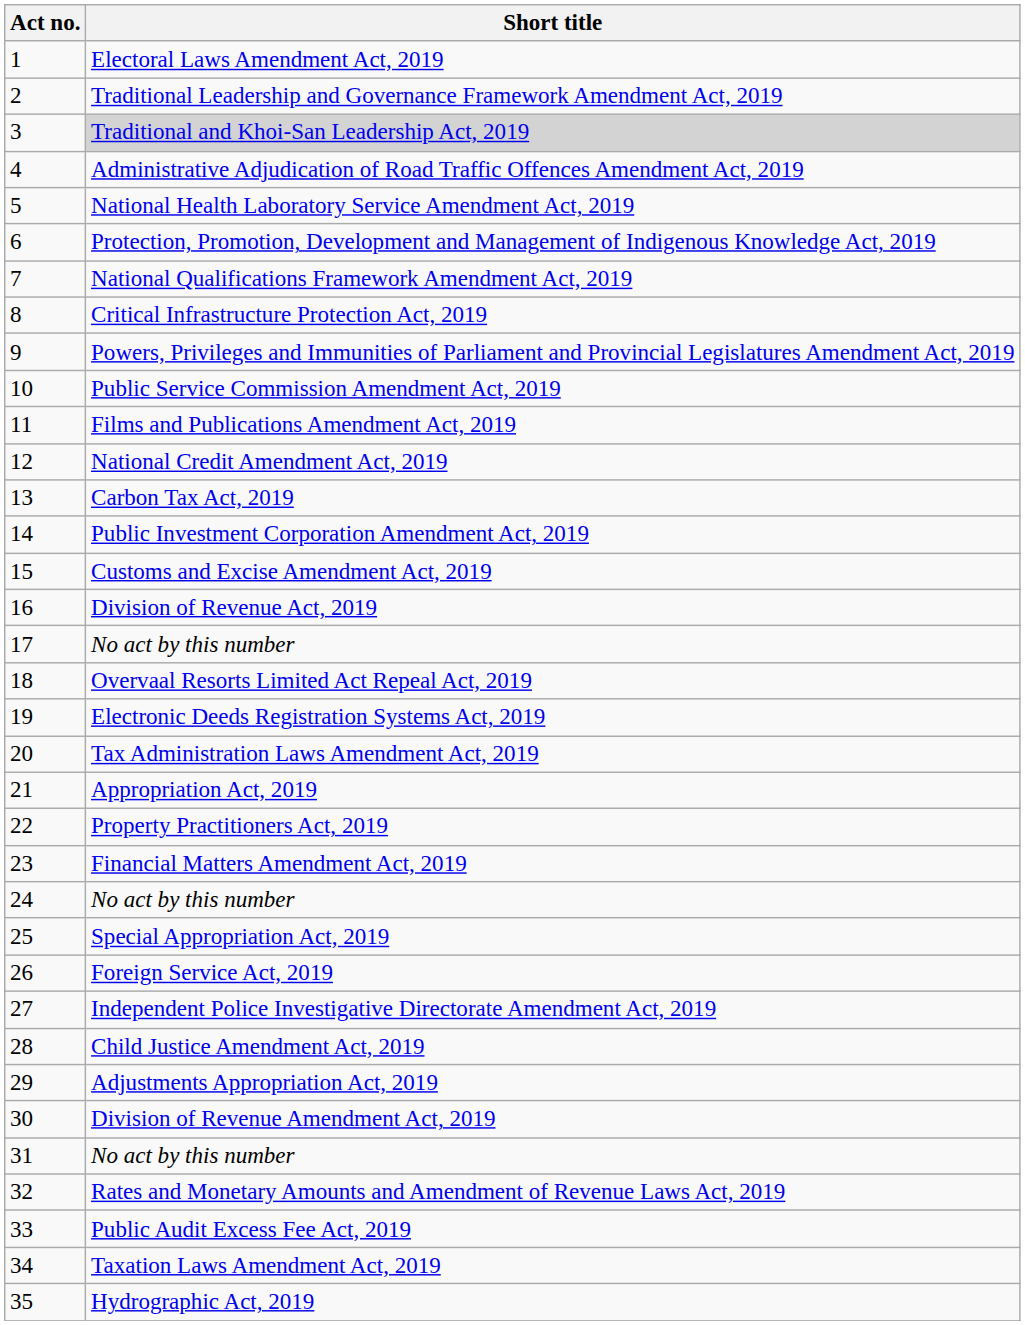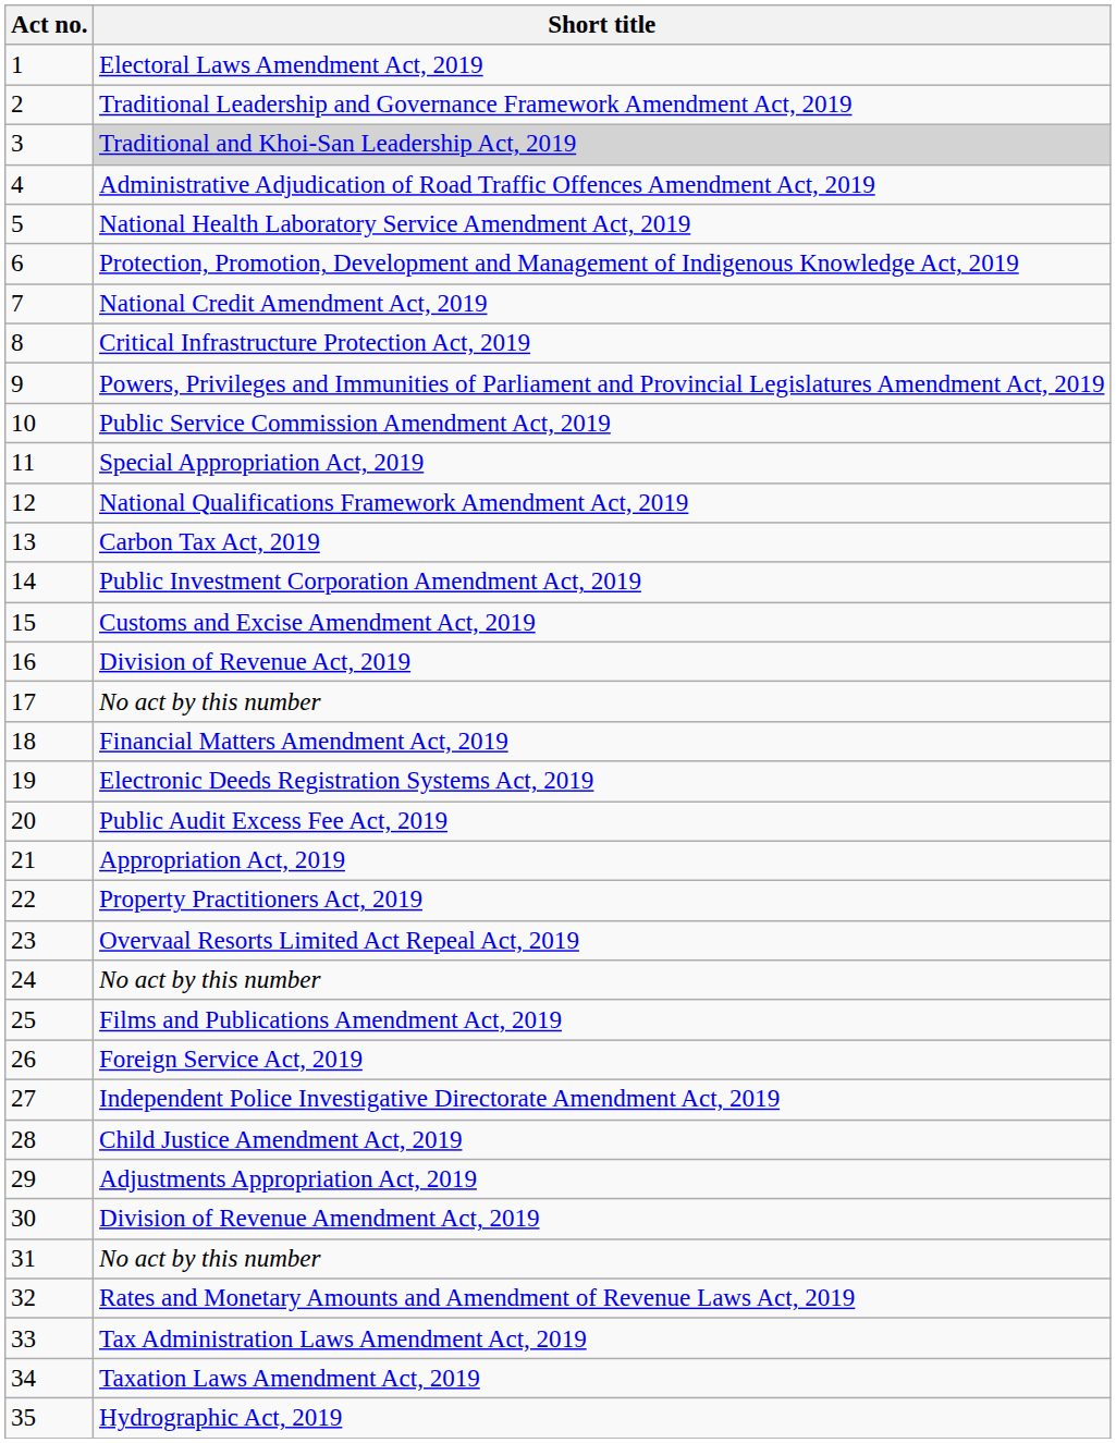 <table class="wikitable sortable">
 <tr>
 <th>Act no.</th>
 <th>Short title</th>
 </tr>
 <tr>
 <td>1</td>
 <td><a href='#'>Electoral Laws Amendment Act, 2019</a></td>
 </tr>
 <tr>
 <td>2</td>
 <td><a href='#'>Traditional Leadership and Governance Framework Amendment Act, 2019</a></td>
 </tr>
 <tr>
 <td>3</td>
 <td style="background: lightgrey;"><a href='#'>Traditional and Khoi-San Leadership Act, 2019</a></td>
 </tr>
 <tr>
 <td>4</td>
 <td><a href='#'>Administrative Adjudication of Road Traffic Offences Amendment Act, 2019</a></td>
 </tr>
 <tr>
 <td>5</td>
 <td><a href='#'>National Health Laboratory Service Amendment Act, 2019</a></td>
 </tr>
 <tr>
 <td>6</td>
 <td><a href='#'>Protection, Promotion, Development and Management of Indigenous Knowledge Act, 2019</a></td>
 </tr>
 <tr>
 <td>7</td>
-<td><a href='#'>National Qualifications Framework Amendment Act, 2019</a></td>
+<td><a href='#'>National Credit Amendment Act, 2019</a></td>
 </tr>
 <tr>
 <td>8</td>
 <td><a href='#'>Critical Infrastructure Protection Act, 2019</a></td>
 </tr>
 <tr>
 <td>9</td>
 <td><a href='#'>Powers, Privileges and Immunities of Parliament and Provincial Legislatures Amendment Act, 2019</a></td>
 </tr>
 <tr>
 <td>10</td>
 <td><a href='#'>Public Service Commission Amendment Act, 2019</a></td>
 </tr>
 <tr>
 <td>11</td>
-<td><a href='#'>Films and Publications Amendment Act, 2019</a></td>
+<td><a href='#'>Special Appropriation Act, 2019</a></td>
 </tr>
 <tr>
 <td>12</td>
-<td><a href='#'>National Credit Amendment Act, 2019</a></td>
+<td><a href='#'>National Qualifications Framework Amendment Act, 2019</a></td>
 </tr>
 <tr>
 <td>13</td>
 <td><a href='#'>Carbon Tax Act, 2019</a></td>
 </tr>
 <tr>
 <td>14</td>
 <td><a href='#'>Public Investment Corporation Amendment Act, 2019</a></td>
 </tr>
 <tr>
 <td>15</td>
 <td><a href='#'>Customs and Excise Amendment Act, 2019</a></td>
 </tr>
 <tr>
 <td>16</td>
 <td><a href='#'>Division of Revenue Act, 2019</a></td>
 </tr>
 <tr>
 <td>17</td>
 <td><em>No act by this number</em></td>
 </tr>
 <tr>
 <td>18</td>
-<td><a href='#'>Overvaal Resorts Limited Act Repeal Act, 2019</a></td>
+<td><a href='#'>Financial Matters Amendment Act, 2019</a></td>
 </tr>
 <tr>
 <td>19</td>
 <td><a href='#'>Electronic Deeds Registration Systems Act, 2019</a></td>
 </tr>
 <tr>
 <td>20</td>
-<td><a href='#'>Tax Administration Laws Amendment Act, 2019</a></td>
+<td><a href='#'>Public Audit Excess Fee Act, 2019</a></td>
 </tr>
 <tr>
 <td>21</td>
 <td><a href='#'>Appropriation Act, 2019</a></td>
 </tr>
 <tr>
 <td>22</td>
 <td><a href='#'>Property Practitioners Act, 2019</a></td>
 </tr>
 <tr>
 <td>23</td>
-<td><a href='#'>Financial Matters Amendment Act, 2019</a></td>
+<td><a href='#'>Overvaal Resorts Limited Act Repeal Act, 2019</a></td>
 </tr>
 <tr>
 <td>24</td>
 <td><em>No act by this number</em></td>
 </tr>
 <tr>
 <td>25</td>
-<td><a href='#'>Special Appropriation Act, 2019</a></td>
+<td><a href='#'>Films and Publications Amendment Act, 2019</a></td>
 </tr>
 <tr>
 <td>26</td>
 <td><a href='#'>Foreign Service Act, 2019</a></td>
 </tr>
 <tr>
 <td>27</td>
 <td><a href='#'>Independent Police Investigative Directorate Amendment Act, 2019</a></td>
 </tr>
 <tr>
 <td>28</td>
 <td><a href='#'>Child Justice Amendment Act, 2019</a></td>
 </tr>
 <tr>
 <td>29</td>
 <td><a href='#'>Adjustments Appropriation Act, 2019</a></td>
 </tr>
 <tr>
 <td>30</td>
 <td><a href='#'>Division of Revenue Amendment Act, 2019</a></td>
 </tr>
 <tr>
 <td>31</td>
 <td><em>No act by this number</em></td>
 </tr>
 <tr>
 <td>32</td>
 <td><a href='#'>Rates and Monetary Amounts and Amendment of Revenue Laws Act, 2019</a></td>
 </tr>
 <tr>
 <td>33</td>
-<td><a href='#'>Public Audit Excess Fee Act, 2019</a></td>
+<td><a href='#'>Tax Administration Laws Amendment Act, 2019</a></td>
 </tr>
 <tr>
 <td>34</td>
 <td><a href='#'>Taxation Laws Amendment Act, 2019</a></td>
 </tr>
 <tr>
 <td>35</td>
 <td><a href='#'>Hydrographic Act, 2019</a></td>
 </tr>
 </table>
